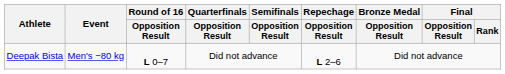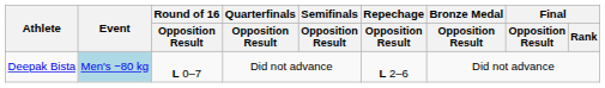 <table class="wikitable" style="font-size:90%">
 <tr>
 <th rowspan="2">Athlete</th>
 <th rowspan="2">Event</th>
 <th>Round of 16</th>
 <th>Quarterfinals</th>
 <th>Semifinals</th>
 <th>Repechage</th>
 <th>Bronze Medal</th>
 <th colspan=2>Final</th>
 </tr>
 <tr style="font-size:95%">
 <th>Opposition<br>Result</th>
 <th>Opposition<br>Result</th>
 <th>Opposition<br>Result</th>
 <th>Opposition<br>Result</th>
 <th>Opposition<br>Result</th>
 <th>Opposition<br>Result</th>
 <th>Rank</th>
 </tr>
 <tr align=center>
 <td align=left><a href='#'>Deepak Bista</a></td>
-<td align=left><a href='#'>Men's −80 kg</a></td>
+<td align=left style="background: lightblue;"><a href='#'>Men's −80 kg</a></td>
 <td><br><strong>L</strong> 0–7</td>
 <td colspan=2>Did not advance</td>
 <td><br><strong>L</strong> 2–6</td>
 <td colspan=3>Did not advance</td>
 </tr>
 </table>
